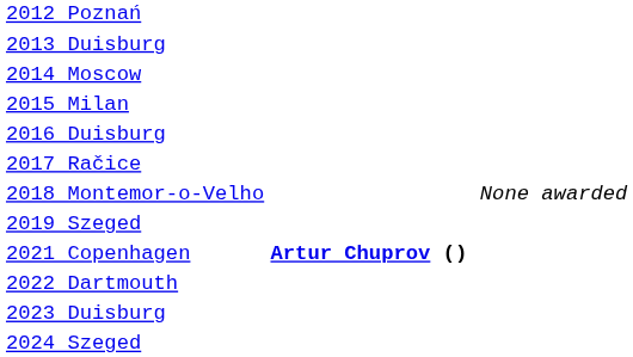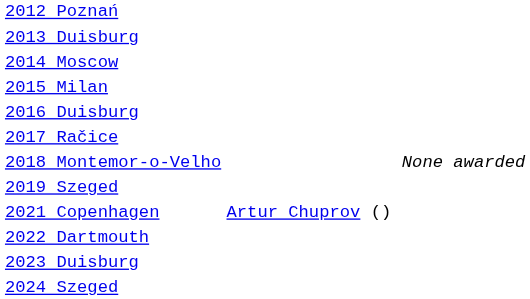 <table>
 <tr>
 <td><a href='#'>2012 Poznań</a></td>
 <td></td>
 <td></td>
 <td></td>
 </tr>
 <tr>
 <td><a href='#'>2013 Duisburg</a></td>
 <td></td>
 <td></td>
 <td></td>
 </tr>
 <tr>
 <td><a href='#'>2014 Moscow</a></td>
 <td></td>
 <td></td>
 <td></td>
 </tr>
 <tr>
 <td><a href='#'>2015 Milan</a></td>
 <td></td>
 <td></td>
 <td></td>
 </tr>
 <tr>
 <td><a href='#'>2016 Duisburg</a></td>
 <td></td>
 <td></td>
 <td></td>
 </tr>
 <tr>
 <td><a href='#'>2017 Račice</a></td>
 <td></td>
 <td></td>
 <td></td>
 </tr>
 <tr>
 <td><a href='#'>2018 Montemor-o-Velho</a></td>
 <td></td>
 <td></td>
 <td style="text-align: center;"><em>None awarded</em></td>
 </tr>
 <tr>
 <td><a href='#'>2019 Szeged</a></td>
 <td></td>
 <td></td>
 <td></td>
 </tr>
 <tr>
 <td><a href='#'>2021 Copenhagen</a></td>
-<td><strong> <a href='#'>Artur Chuprov</a> ()</strong></td>
+<td> <a href='#'>Artur Chuprov</a> ()</td>
 <td></td>
 <td></td>
 </tr>
 <tr>
 <td><a href='#'>2022 Dartmouth</a></td>
 <td></td>
 <td></td>
 <td></td>
 </tr>
 <tr>
 <td><a href='#'>2023 Duisburg</a></td>
 <td></td>
 <td></td>
 <td></td>
 </tr>
 <tr>
 <td><a href='#'>2024 Szeged</a></td>
 <td></td>
 <td></td>
 <td></td>
 </tr>
 </table>
